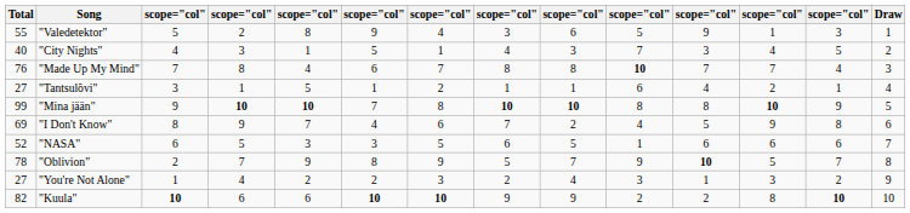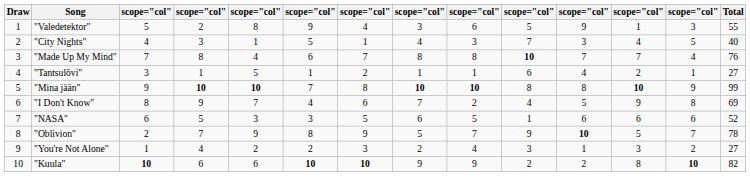 <table class="wikitable collapsible" style="margin: 1em auto 1em auto; text-align:center;">
 <tr>
-<th>Total</th>
+<th>Draw</th>
 <th>Song</th>
 <th>scope="col" </th>
 <th>scope="col" </th>
 <th>scope="col" </th>
 <th>scope="col" </th>
 <th>scope="col" </th>
 <th>scope="col" </th>
 <th>scope="col" </th>
 <th>scope="col" </th>
 <th>scope="col" </th>
 <th>scope="col" </th>
 <th>scope="col" </th>
-<th>Draw</th>
+<th>Total</th>
 </tr>
 <tr>
-<td>55</td>
+<td>1</td>
 <td align="left">"Valedetektor"</td>
 <td>5</td>
 <td>2</td>
 <td>8</td>
 <td>9</td>
 <td>4</td>
 <td>3</td>
 <td>6</td>
 <td>5</td>
 <td>9</td>
 <td>1</td>
 <td>3</td>
-<td>1</td>
+<td>55</td>
 </tr>
 <tr>
-<td>40</td>
+<td>2</td>
 <td align="left">"City Nights"</td>
 <td>4</td>
 <td>3</td>
 <td>1</td>
 <td>5</td>
 <td>1</td>
 <td>4</td>
 <td>3</td>
 <td>7</td>
 <td>3</td>
 <td>4</td>
 <td>5</td>
-<td>2</td>
+<td>40</td>
 </tr>
 <tr>
-<td>76</td>
+<td>3</td>
 <td align="left">"Made Up My Mind"</td>
 <td>7</td>
 <td>8</td>
 <td>4</td>
 <td>6</td>
 <td>7</td>
 <td>8</td>
 <td>8</td>
 <td><strong>10</strong></td>
 <td>7</td>
 <td>7</td>
 <td>4</td>
-<td>3</td>
+<td>76</td>
 </tr>
 <tr>
-<td>27</td>
+<td>4</td>
 <td align="left">"Tantsulõvi"</td>
 <td>3</td>
 <td>1</td>
 <td>5</td>
 <td>1</td>
 <td>2</td>
 <td>1</td>
 <td>1</td>
 <td>6</td>
 <td>4</td>
 <td>2</td>
 <td>1</td>
-<td>4</td>
+<td>27</td>
 </tr>
 <tr>
-<td>99</td>
+<td>5</td>
 <td align="left">"Mina jään"</td>
 <td>9</td>
 <td><strong>10</strong></td>
 <td><strong>10</strong></td>
 <td>7</td>
 <td>8</td>
 <td><strong>10</strong></td>
 <td><strong>10</strong></td>
 <td>8</td>
 <td>8</td>
 <td><strong>10</strong></td>
 <td>9</td>
-<td>5</td>
+<td>99</td>
 </tr>
 <tr>
-<td>69</td>
+<td>6</td>
 <td align="left">"I Don't Know"</td>
 <td>8</td>
 <td>9</td>
 <td>7</td>
 <td>4</td>
 <td>6</td>
 <td>7</td>
 <td>2</td>
 <td>4</td>
 <td>5</td>
 <td>9</td>
 <td>8</td>
-<td>6</td>
+<td>69</td>
 </tr>
 <tr>
-<td>52</td>
+<td>7</td>
 <td align="left">"NASA"</td>
 <td>6</td>
 <td>5</td>
 <td>3</td>
 <td>3</td>
 <td>5</td>
 <td>6</td>
 <td>5</td>
 <td>1</td>
 <td>6</td>
 <td>6</td>
 <td>6</td>
-<td>7</td>
+<td>52</td>
 </tr>
 <tr>
-<td>78</td>
+<td>8</td>
 <td align="left">"Oblivion"</td>
 <td>2</td>
 <td>7</td>
 <td>9</td>
 <td>8</td>
 <td>9</td>
 <td>5</td>
 <td>7</td>
 <td>9</td>
 <td><strong>10</strong></td>
 <td>5</td>
 <td>7</td>
-<td>8</td>
+<td>78</td>
 </tr>
 <tr>
-<td>27</td>
+<td>9</td>
 <td align="left">"You're Not Alone"</td>
 <td>1</td>
 <td>4</td>
 <td>2</td>
 <td>2</td>
 <td>3</td>
 <td>2</td>
 <td>4</td>
 <td>3</td>
 <td>1</td>
 <td>3</td>
 <td>2</td>
-<td>9</td>
+<td>27</td>
 </tr>
 <tr>
-<td>82</td>
+<td>10</td>
 <td align="left">"Kuula"</td>
 <td><strong>10</strong></td>
 <td>6</td>
 <td>6</td>
 <td><strong>10</strong></td>
 <td><strong>10</strong></td>
 <td>9</td>
 <td>9</td>
 <td>2</td>
 <td>2</td>
 <td>8</td>
 <td><strong>10</strong></td>
-<td>10</td>
+<td>82</td>
 </tr>
 </table>
